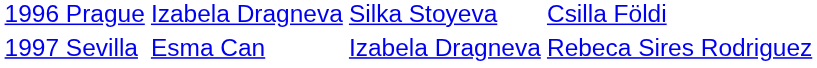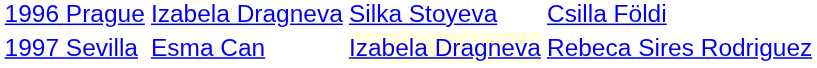 <table>
 <tr>
 <td><a href='#'>1996 Prague</a></td>
 <td> <a href='#'>Izabela Dragneva</a></td>
 <td> <a href='#'>Silka Stoyeva</a></td>
 <td> <a href='#'>Csilla Földi</a></td>
 </tr>
 <tr>
 <td><a href='#'>1997 Sevilla</a></td>
 <td> <a href='#'>Esma Can</a></td>
-<td> <a href='#'>Izabela Dragneva</a></td>
+<td style="background: lightyellow;"> <a href='#'>Izabela Dragneva</a></td>
 <td> <a href='#'>Rebeca Sires Rodriguez</a></td>
 </tr>
 </table>
